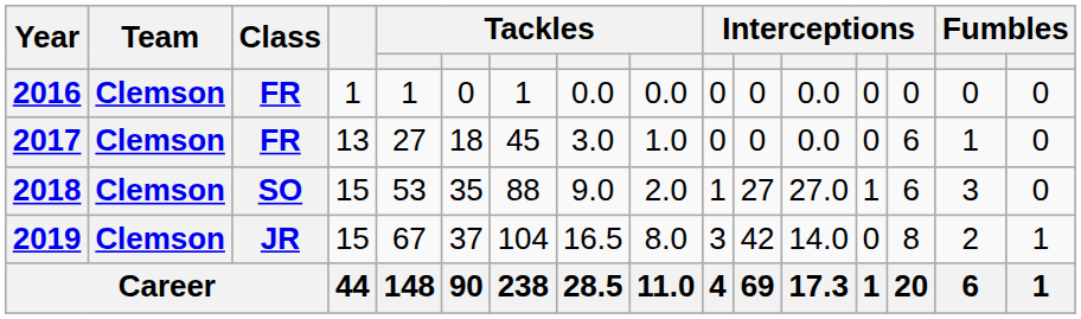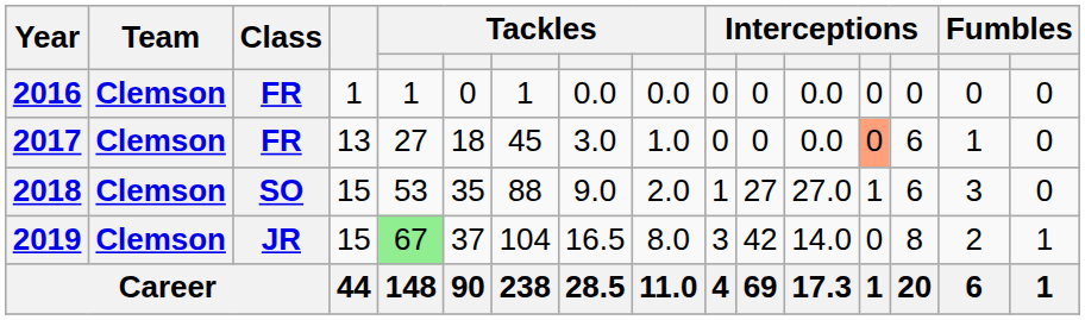 <table class="wikitable sortable" style="text-align:center;">
 <tr>
 <th rowspan="2">Year</th>
 <th rowspan="2">Team</th>
 <th rowspan="2">Class</th>
 <th rowspan="2"></th>
 <th colspan="5">Tackles</th>
 <th colspan="5">Interceptions</th>
 <th colspan="2">Fumbles</th>
 </tr>
 <tr>
 <th></th>
 <th></th>
 <th></th>
 <th></th>
 <th></th>
 <th></th>
 <th></th>
 <th></th>
 <th></th>
 <th></th>
 <th></th>
 <th></th>
 </tr>
 <tr>
 <th><a href='#'>2016</a></th>
 <th><a href='#'>Clemson</a></th>
 <th><a href='#'>FR</a></th>
 <td>1</td>
 <td>1</td>
 <td>0</td>
 <td>1</td>
 <td>0.0</td>
 <td>0.0</td>
 <td>0</td>
 <td>0</td>
 <td>0.0</td>
 <td>0</td>
 <td>0</td>
 <td>0</td>
 <td>0</td>
 </tr>
 <tr>
 <th><a href='#'>2017</a></th>
 <th><a href='#'>Clemson</a></th>
 <th><a href='#'>FR</a></th>
 <td>13</td>
 <td>27</td>
 <td>18</td>
 <td>45</td>
 <td>3.0</td>
 <td>1.0</td>
 <td>0</td>
 <td>0</td>
 <td>0.0</td>
-<td>0</td>
+<td style="background: lightsalmon;">0</td>
 <td>6</td>
 <td>1</td>
 <td>0</td>
 </tr>
 <tr>
 <th><a href='#'>2018</a></th>
 <th><a href='#'>Clemson</a></th>
 <th><a href='#'>SO</a></th>
 <td>15</td>
 <td>53</td>
 <td>35</td>
 <td>88</td>
 <td>9.0</td>
 <td>2.0</td>
 <td>1</td>
 <td>27</td>
 <td>27.0</td>
 <td>1</td>
 <td>6</td>
 <td>3</td>
 <td>0</td>
 </tr>
 <tr>
 <th><a href='#'>2019</a></th>
 <th><a href='#'>Clemson</a></th>
 <th><a href='#'>JR</a></th>
 <td>15</td>
-<td>67</td>
+<td style="background: lightgreen;">67</td>
 <td>37</td>
 <td>104</td>
 <td>16.5</td>
 <td>8.0</td>
 <td>3</td>
 <td>42</td>
 <td>14.0</td>
 <td>0</td>
 <td>8</td>
 <td>2</td>
 <td>1</td>
 </tr>
 <tr>
 <th colspan="3">Career</th>
 <th>44</th>
 <th>148</th>
 <th>90</th>
 <th>238</th>
 <th>28.5</th>
 <th>11.0</th>
 <th>4</th>
 <th>69</th>
 <th>17.3</th>
 <th>1</th>
 <th>20</th>
 <th>6</th>
 <th>1</th>
 </tr>
 </table>
